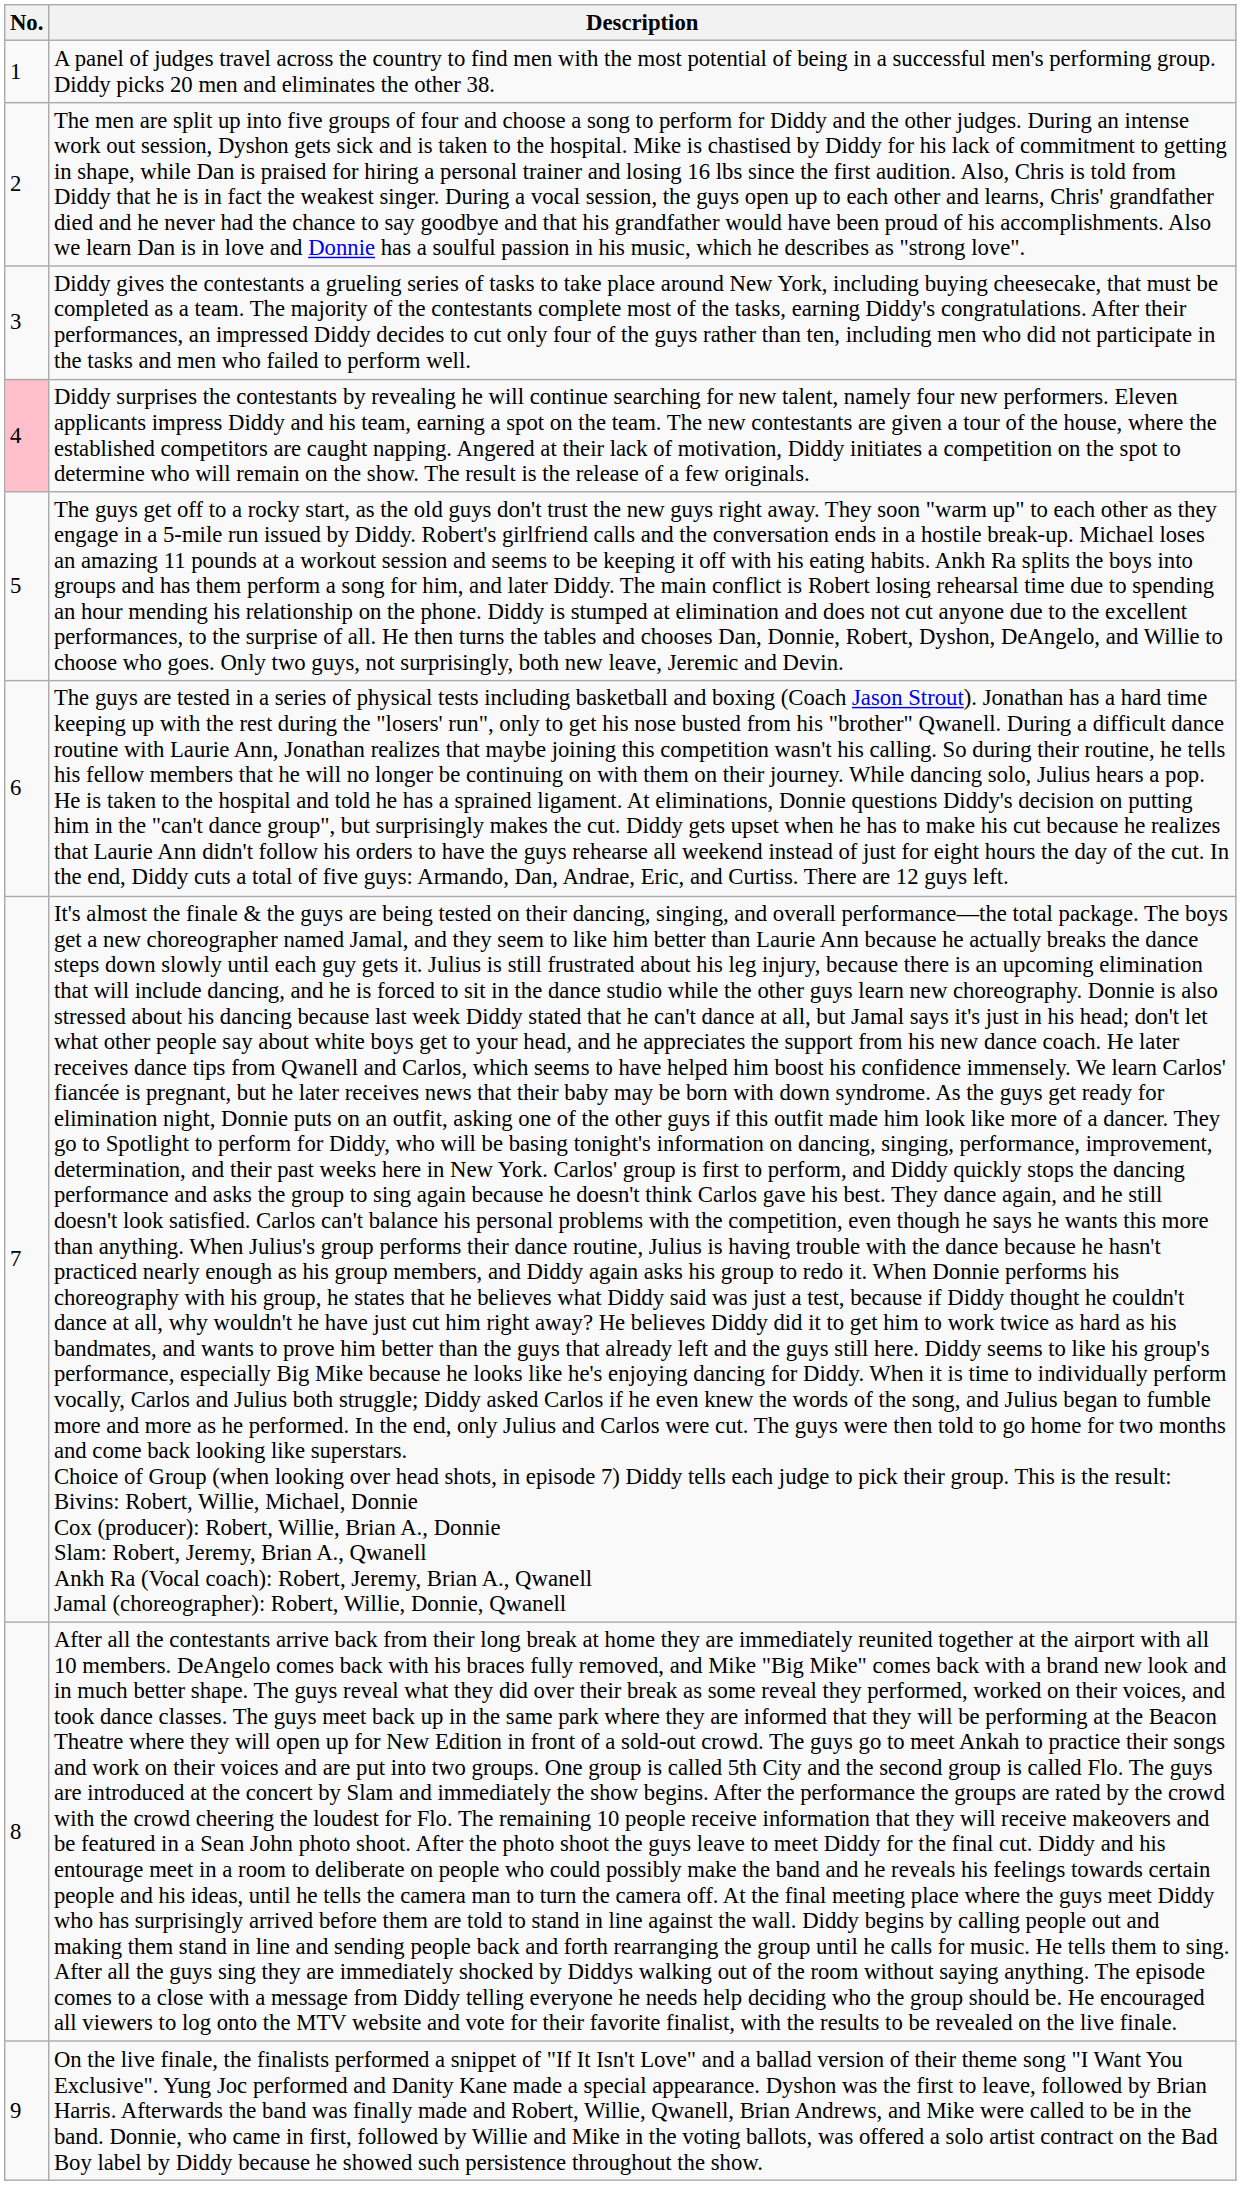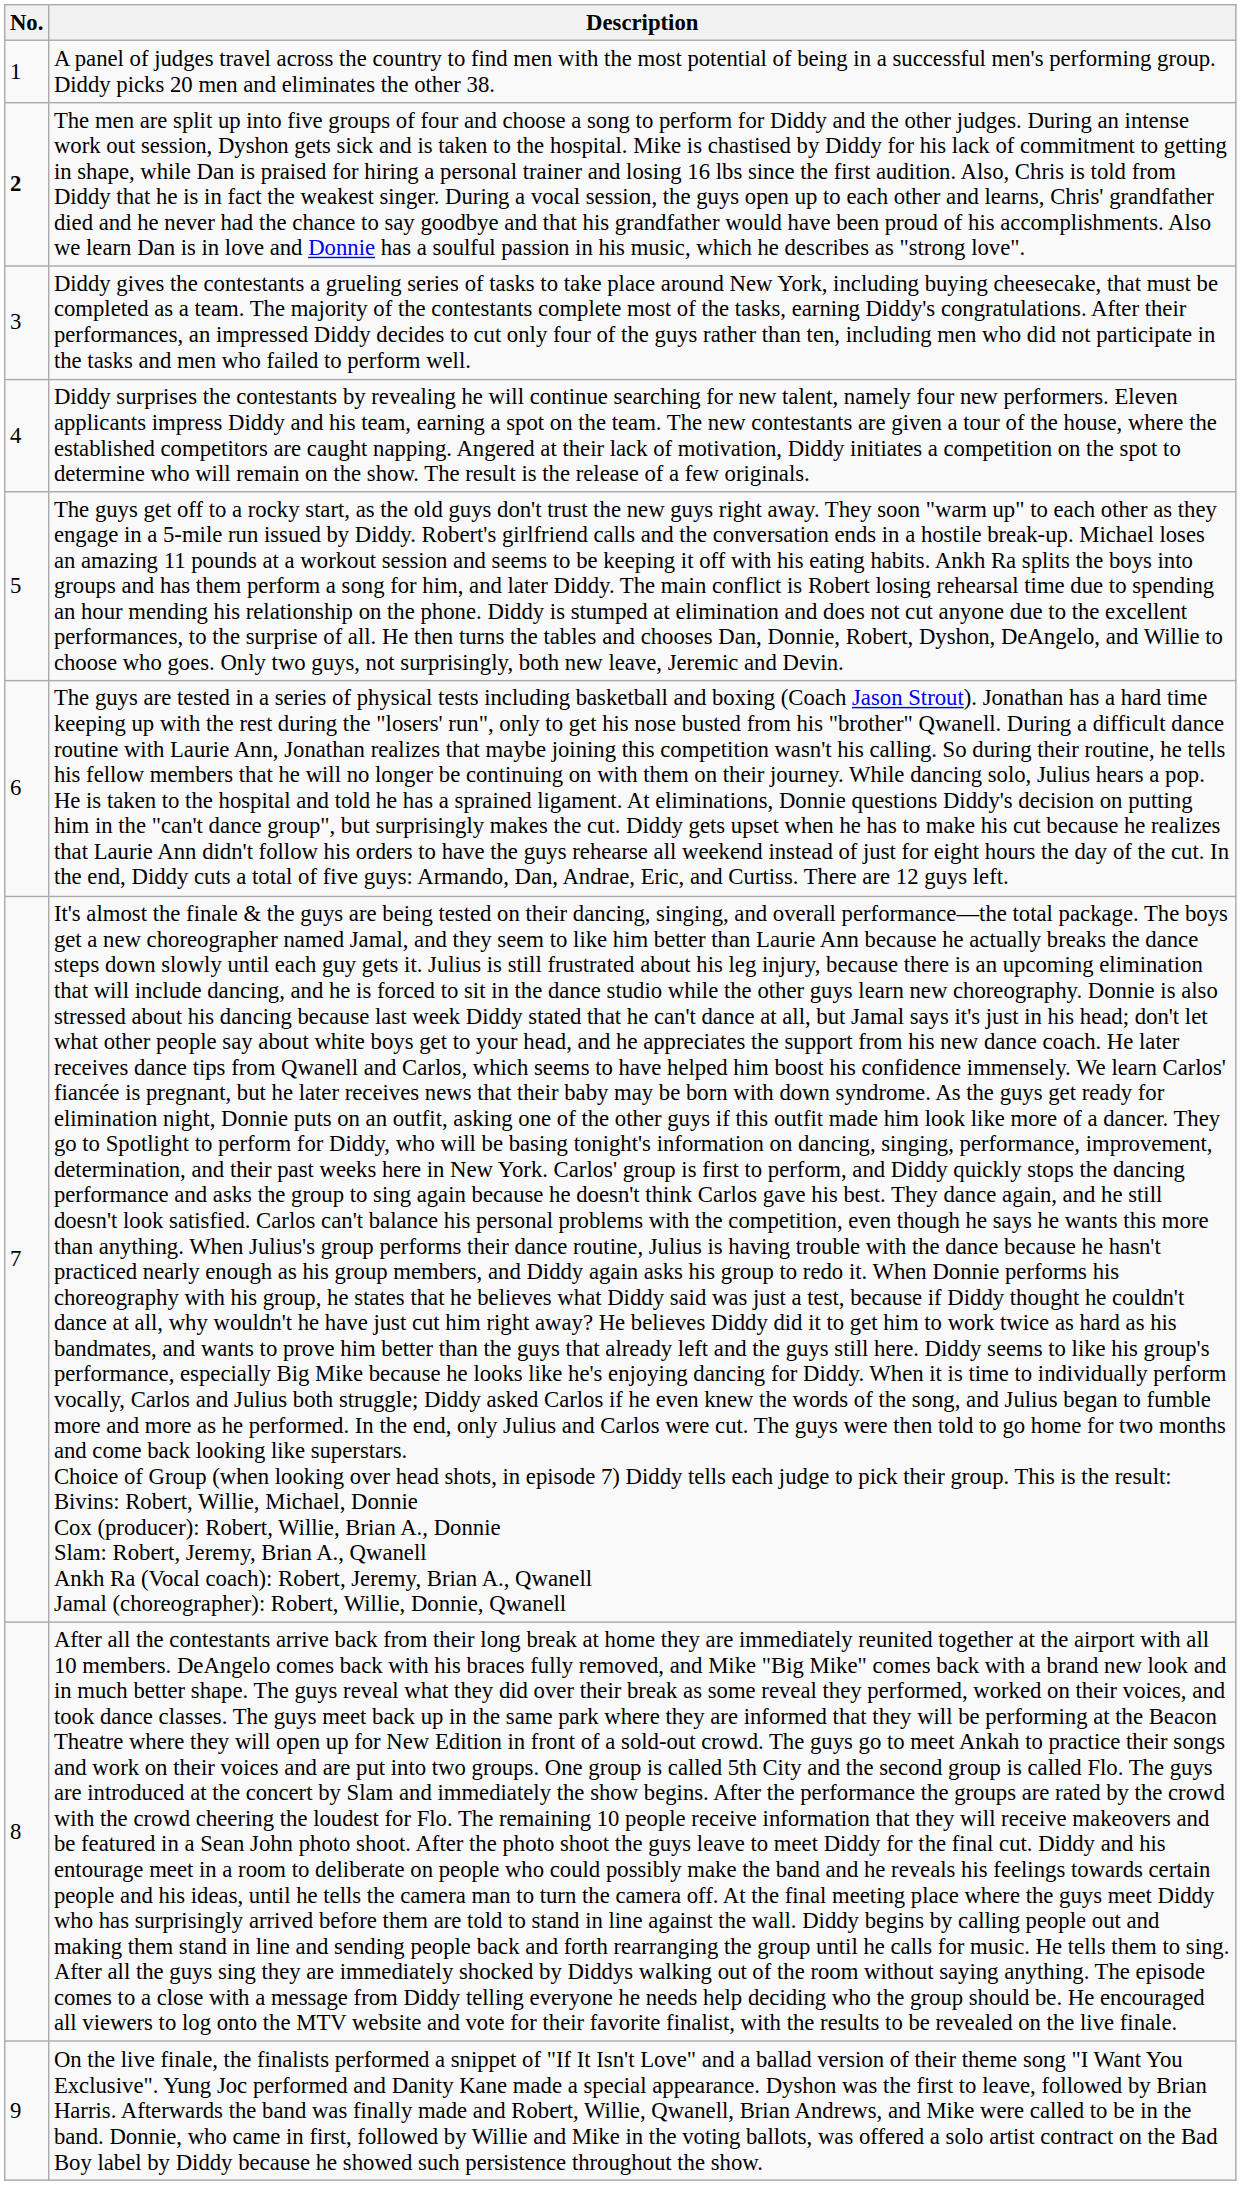 <table class="wikitable">
 <tr>
 <th>No.</th>
 <th>Description</th>
 </tr>
 <tr>
 <td>1</td>
 <td>A panel of judges travel across the country to find men with the most potential of being in a successful men's performing group. Diddy picks 20 men and eliminates the other 38.</td>
 </tr>
 <tr>
-<td>2</td>
+<td><strong>2</strong></td>
 <td>The men are split up into five groups of four and choose a song to perform for Diddy and the other judges. During an intense work out session, Dyshon gets sick and is taken to the hospital. Mike is chastised by Diddy for his lack of commitment to getting in shape, while Dan is praised for hiring a personal trainer and losing 16 lbs since the first audition. Also, Chris is told from Diddy that he is in fact the weakest singer. During a vocal session, the guys open up to each other and learns, Chris' grandfather died and he never had the chance to say goodbye and that his grandfather would have been proud of his accomplishments. Also we learn Dan is in love and <a href='#'>Donnie</a> has a soulful passion in his music, which he describes as "strong love".</td>
 </tr>
 <tr>
 <td>3</td>
 <td>Diddy gives the contestants a grueling series of tasks to take place around New York, including buying cheesecake, that must be completed as a team. The majority of the contestants complete most of the tasks, earning Diddy's congratulations. After their performances, an impressed Diddy decides to cut only four of the guys rather than ten, including men who did not participate in the tasks and men who failed to perform well.</td>
 </tr>
 <tr>
-<td style="background: pink;">4</td>
+<td>4</td>
 <td>Diddy surprises the contestants by revealing he will continue searching for new talent, namely four new performers. Eleven applicants impress Diddy and his team, earning a spot on the team. The new contestants are given a tour of the house, where the established competitors are caught napping. Angered at their lack of motivation, Diddy initiates a competition on the spot to determine who will remain on the show. The result is the release of a few originals.</td>
 </tr>
 <tr>
 <td>5</td>
 <td>The guys get off to a rocky start, as the old guys don't trust the new guys right away. They soon "warm up" to each other as they engage in a 5-mile run issued by Diddy. Robert's girlfriend calls and the conversation ends in a hostile break-up. Michael loses an amazing 11 pounds at a workout session and seems to be keeping it off with his eating habits. Ankh Ra splits the boys into groups and has them perform a song for him, and later Diddy. The main conflict is Robert losing rehearsal time due to spending an hour mending his relationship on the phone. Diddy is stumped at elimination and does not cut anyone due to the excellent performances, to the surprise of all. He then turns the tables and chooses Dan, Donnie, Robert, Dyshon, DeAngelo, and Willie to choose who goes. Only two guys, not surprisingly, both new leave, Jeremic and Devin.</td>
 </tr>
 <tr>
 <td>6</td>
 <td>The guys are tested in a series of physical tests including basketball and boxing (Coach <a href='#'>Jason Strout</a>). Jonathan has a hard time keeping up with the rest during the "losers' run", only to get his nose busted from his "brother" Qwanell. During a difficult dance routine with Laurie Ann, Jonathan realizes that maybe joining this competition wasn't his calling. So during their routine, he tells his fellow members that he will no longer be continuing on with them on their journey. While dancing solo, Julius hears a pop. He is taken to the hospital and told he has a sprained ligament. At eliminations, Donnie questions Diddy's decision on putting him in the "can't dance group", but surprisingly makes the cut. Diddy gets upset when he has to make his cut because he realizes that Laurie Ann didn't follow his orders to have the guys rehearse all weekend instead of just for eight hours the day of the cut. In the end, Diddy cuts a total of five guys: Armando, Dan, Andrae, Eric, and Curtiss. There are 12 guys left.</td>
 </tr>
 <tr>
 <td>7</td>
 <td>It's almost the finale & the guys are being tested on their dancing, singing, and overall performance—the total package. The boys get a new choreographer named Jamal, and they seem to like him better than Laurie Ann because he actually breaks the dance steps down slowly until each guy gets it. Julius is still frustrated about his leg injury, because there is an upcoming elimination that will include dancing, and he is forced to sit in the dance studio while the other guys learn new choreography. Donnie is also stressed about his dancing because last week Diddy stated that he can't dance at all, but Jamal says it's just in his head; don't let what other people say about white boys get to your head, and he appreciates the support from his new dance coach. He later receives dance tips from Qwanell and Carlos, which seems to have helped him boost his confidence immensely. We learn Carlos' fiancée is pregnant, but he later receives news that their baby may be born with down syndrome. As the guys get ready for elimination night, Donnie puts on an outfit, asking one of the other guys if this outfit made him look like more of a dancer. They go to Spotlight to perform for Diddy, who will be basing tonight's information on dancing, singing, performance, improvement, determination, and their past weeks here in New York. Carlos' group is first to perform, and Diddy quickly stops the dancing performance and asks the group to sing again because he doesn't think Carlos gave his best. They dance again, and he still doesn't look satisfied. Carlos can't balance his personal problems with the competition, even though he says he wants this more than anything. When Julius's group performs their dance routine, Julius is having trouble with the dance because he hasn't practiced nearly enough as his group members, and Diddy again asks his group to redo it. When Donnie performs his choreography with his group, he states that he believes what Diddy said was just a test, because if Diddy thought he couldn't dance at all, why wouldn't he have just cut him right away? He believes Diddy did it to get him to work twice as hard as his bandmates, and wants to prove him better than the guys that already left and the guys still here. Diddy seems to like his group's performance, especially Big Mike because he looks like he's enjoying dancing for Diddy. When it is time to individually perform vocally, Carlos and Julius both struggle; Diddy asked Carlos if he even knew the words of the song, and Julius began to fumble more and more as he performed. In the end, only Julius and Carlos were cut. The guys were then told to go home for two months and come back looking like superstars.<br>Choice of Group (when looking over head shots, in episode 7) Diddy tells each judge to pick their group. This is the result:<br>Bivins: Robert, Willie, Michael, Donnie<br>Cox (producer): Robert, Willie, Brian A., Donnie<br>Slam: Robert, Jeremy, Brian A., Qwanell<br>Ankh Ra (Vocal coach): Robert, Jeremy, Brian A., Qwanell<br>Jamal (choreographer): Robert, Willie, Donnie, Qwanell</td>
 </tr>
 <tr>
 <td>8</td>
 <td>After all the contestants arrive back from their long break at home they are immediately reunited together at the airport with all 10 members. DeAngelo comes back with his braces fully removed, and Mike "Big Mike" comes back with a brand new look and in much better shape. The guys reveal what they did over their break as some reveal they performed, worked on their voices, and took dance classes. The guys meet back up in the same park where they are informed that they will be performing at the Beacon Theatre where they will open up for New Edition in front of a sold-out crowd. The guys go to meet Ankah to practice their songs and work on their voices and are put into two groups. One group is called 5th City and the second group is called Flo. The guys are introduced at the concert by Slam and immediately the show begins. After the performance the groups are rated by the crowd with the crowd cheering the loudest for Flo. The remaining 10 people receive information that they will receive makeovers and be featured in a Sean John photo shoot. After the photo shoot the guys leave to meet Diddy for the final cut. Diddy and his entourage meet in a room to deliberate on people who could possibly make the band and he reveals his feelings towards certain people and his ideas, until he tells the camera man to turn the camera off. At the final meeting place where the guys meet Diddy who has surprisingly arrived before them are told to stand in line against the wall. Diddy begins by calling people out and making them stand in line and sending people back and forth rearranging the group until he calls for music. He tells them to sing. After all the guys sing they are immediately shocked by Diddys walking out of the room without saying anything. The episode comes to a close with a message from Diddy telling everyone he needs help deciding who the group should be. He encouraged all viewers to log onto the MTV website and vote for their favorite finalist, with the results to be revealed on the live finale.</td>
 </tr>
 <tr>
 <td>9</td>
 <td>On the live finale, the finalists performed a snippet of "If It Isn't Love" and a ballad version of their theme song "I Want You Exclusive". Yung Joc performed and Danity Kane made a special appearance. Dyshon was the first to leave, followed by Brian Harris. Afterwards the band was finally made and Robert, Willie, Qwanell, Brian Andrews, and Mike were called to be in the band. Donnie, who came in first, followed by Willie and Mike in the voting ballots, was offered a solo artist contract on the Bad Boy label by Diddy because he showed such persistence throughout the show.</td>
 </tr>
 </table>
